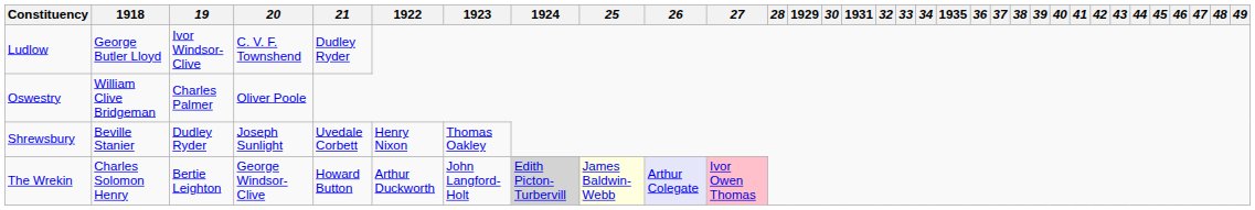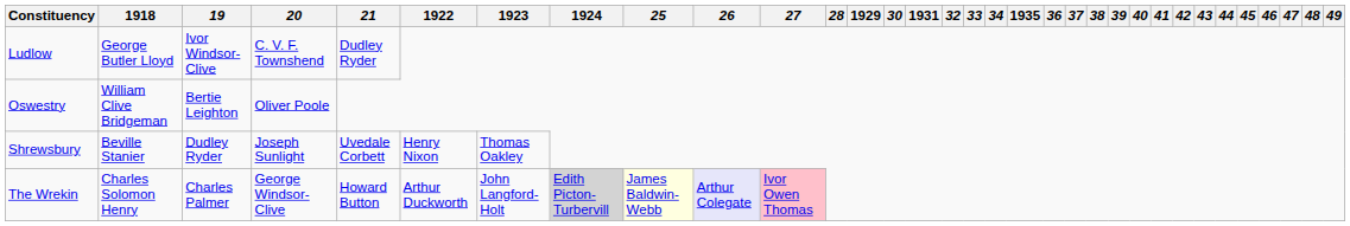 <table class="wikitable">
 <tr>
 <th>Constituency</th>
 <th>1918</th>
 <th><em>19</em></th>
 <th><em>20</em></th>
 <th><em>21</em></th>
 <th>1922</th>
 <th>1923</th>
 <th>1924</th>
 <th><em>25</em></th>
 <th><em>26</em></th>
 <th><em>27</em></th>
 <th><em>28</em></th>
 <th>1929</th>
 <th><em>30</em></th>
 <th>1931</th>
 <th><em>32</em></th>
 <th><em>33</em></th>
 <th><em>34</em></th>
 <th>1935</th>
 <th><em>36</em></th>
 <th><em>37</em></th>
 <th><em>38</em></th>
 <th><em>39</em></th>
 <th><em>40</em></th>
 <th><em>41</em></th>
 <th><em>42</em></th>
 <th><em>43</em></th>
 <th><em>44</em></th>
 <th><em>45</em></th>
 <th><em>46</em></th>
 <th><em>47</em></th>
 <th><em>48</em></th>
 <th><em>49</em></th>
 </tr>
 <tr>
 <td><a href='#'>Ludlow</a></td>
 <td><a href='#'>George Butler Lloyd</a></td>
 <td><a href='#'>Ivor Windsor-Clive</a></td>
 <td><a href='#'>C. V. F. Townshend</a></td>
 <td><a href='#'>Dudley Ryder</a></td>
 </tr>
 <tr>
 <td><a href='#'>Oswestry</a></td>
 <td><a href='#'>William Clive Bridgeman</a></td>
-<td><a href='#'>Charles Palmer</a></td>
+<td><a href='#'>Bertie Leighton</a></td>
 <td><a href='#'>Oliver Poole</a></td>
 </tr>
 <tr>
 <td><a href='#'>Shrewsbury</a></td>
 <td><a href='#'>Beville Stanier</a></td>
 <td><a href='#'>Dudley Ryder</a></td>
 <td><a href='#'>Joseph Sunlight</a></td>
 <td><a href='#'>Uvedale Corbett</a></td>
 <td><a href='#'>Henry Nixon</a></td>
 <td><a href='#'>Thomas Oakley</a></td>
 </tr>
 <tr>
 <td><a href='#'>The Wrekin</a></td>
 <td><a href='#'>Charles Solomon Henry</a></td>
-<td><a href='#'>Bertie Leighton</a></td>
+<td><a href='#'>Charles Palmer</a></td>
 <td><a href='#'>George Windsor-Clive</a></td>
 <td><a href='#'>Howard Button</a></td>
 <td><a href='#'>Arthur Duckworth</a></td>
 <td><a href='#'>John Langford-Holt</a></td>
 <td style="background: lightgrey;"><a href='#'>Edith Picton-Turbervill</a></td>
 <td style="background: lightyellow;"><a href='#'>James Baldwin-Webb</a></td>
 <td style="background: lavender;"><a href='#'>Arthur Colegate</a></td>
 <td style="background: pink;"><a href='#'>Ivor Owen Thomas</a></td>
 </tr>
 </table>
